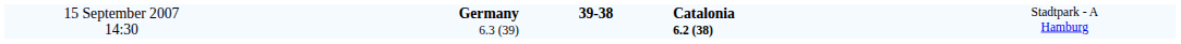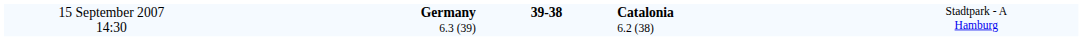 <table style="width: 100%; background:#F5FAFF;" cellspacing="0">
 <tr>
 <td align=center rowspan=3 width=20%>15 September 2007<br>14:30</td>
 </tr>
 <tr>
 <td width=24% align=right><strong>Germany</strong></td>
 <td align=center width=13%><strong>39-38</strong></td>
 <td width=24%><strong>Catalonia</strong></td>
 <td style=font-size:85% rowspan=3 valign=top align=center>Stadtpark - A <br><a href='#'>Hamburg</a></td>
 </tr>
 <tr style=font-size:85%>
 <td align=right>6.3 (39)</td>
 <td align=center></td>
-<td><strong>6.2 (38)</strong></td>
+<td>6.2 (38)</td>
 </tr>
 </table>
